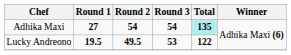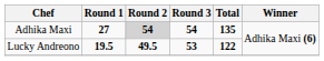 <table class="wikitable"  style="float:left; margin:auto; text-align:center;">
 <tr>
 <th>Chef</th>
 <th>Round 1</th>
 <th>Round 2</th>
 <th>Round 3</th>
 <th>Total</th>
 <th>Winner</th>
 </tr>
 <tr>
 <td>Adhika Maxi</td>
 <td><strong>27</strong></td>
+<td style="background: lightgrey;"><strong>54</strong></td>
 <td><strong>54</strong></td>
-<td><strong>54</strong></td>
-<td style="background: paleturquoise;"><strong>135</strong></td>
+<td><strong>135</strong></td>
 <td rowspan=2>Adhika Maxi <strong>(6)</strong></td>
 </tr>
 <tr>
 <td>Lucky Andreono</td>
 <td><strong>19.5</strong></td>
 <td><strong>49.5</strong></td>
 <td><strong>53</strong></td>
 <td><strong>122</strong></td>
 </tr>
 <tr>
 </tr>
 </table>
